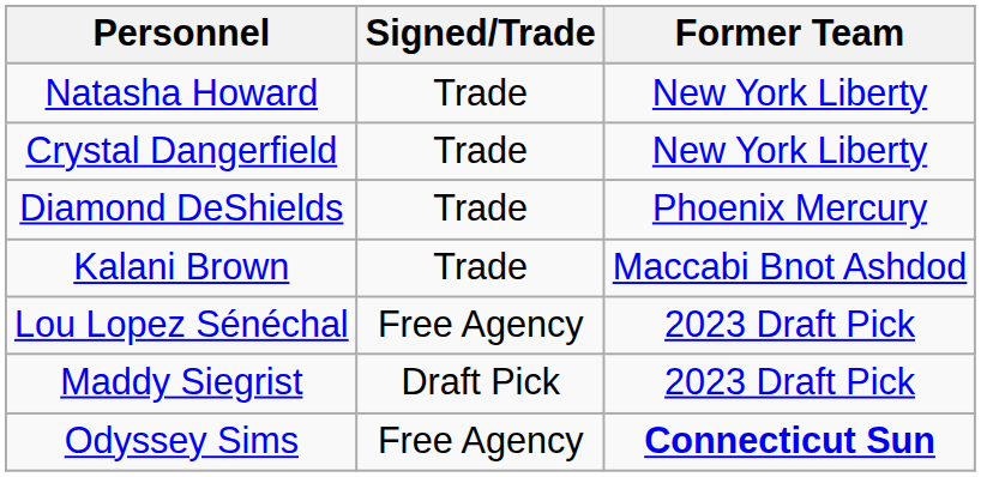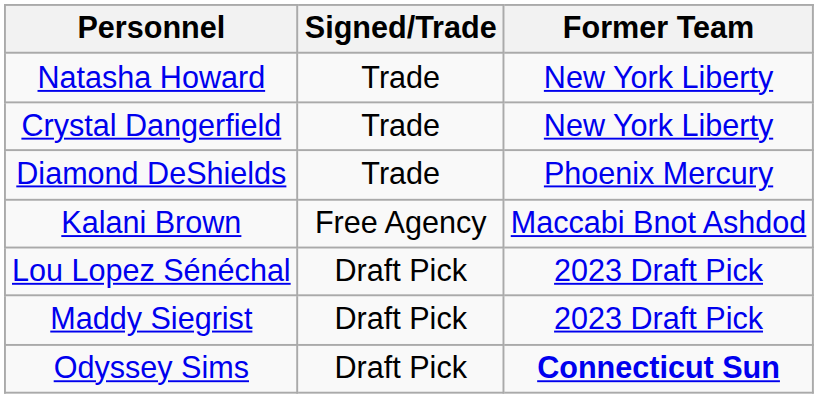 <table class="wikitable" style="text-align: center">
 <tr align="center" bgcolor="#dddddd">
 <th><strong>Personnel</strong></th>
 <th><strong>Signed/Trade</strong></th>
 <th><strong>Former Team</strong></th>
 </tr>
 <tr>
 <td><a href='#'>Natasha Howard</a></td>
 <td>Trade</td>
 <td><a href='#'>New York Liberty</a></td>
 </tr>
 <tr>
 <td><a href='#'>Crystal Dangerfield</a></td>
 <td>Trade</td>
 <td><a href='#'>New York Liberty</a></td>
 </tr>
 <tr>
 <td><a href='#'>Diamond DeShields</a></td>
 <td>Trade</td>
 <td><a href='#'>Phoenix Mercury</a></td>
 </tr>
 <tr>
 <td><a href='#'>Kalani Brown</a></td>
-<td>Trade</td>
+<td>Free Agency</td>
 <td><a href='#'>Maccabi Bnot Ashdod</a></td>
 </tr>
 <tr>
 <td><a href='#'>Lou Lopez Sénéchal</a></td>
-<td>Free Agency</td>
+<td>Draft Pick</td>
 <td><a href='#'>2023 Draft Pick</a></td>
 </tr>
 <tr>
 <td><a href='#'>Maddy Siegrist</a></td>
 <td>Draft Pick</td>
 <td><a href='#'>2023 Draft Pick</a></td>
 </tr>
 <tr>
 <td><a href='#'>Odyssey Sims</a></td>
-<td>Free Agency</td>
+<td>Draft Pick</td>
 <td><strong><a href='#'>Connecticut Sun</a></strong></td>
 </tr>
 </table>
